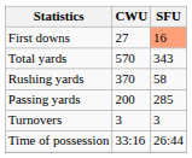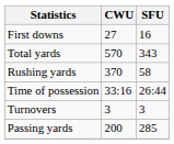 <table class="wikitable" style="float: left;">
 <tr>
 <th>Statistics</th>
 <th>CWU</th>
 <th>SFU</th>
 </tr>
 <tr>
 <td>First downs</td>
 <td>27</td>
-<td style="background: lightsalmon;">16</td>
+<td>16</td>
 </tr>
 <tr>
 <td>Total yards</td>
 <td>570</td>
 <td>343</td>
 </tr>
 <tr>
 <td>Rushing yards</td>
 <td>370</td>
 <td>58</td>
 </tr>
 <tr>
-<td>Passing yards</td>
-<td>200</td>
-<td>285</td>
+<td>Time of possession</td>
+<td>33:16</td>
+<td>26:44</td>
 </tr>
 <tr>
 <td>Turnovers</td>
 <td>3</td>
 <td>3</td>
 </tr>
 <tr>
-<td>Time of possession</td>
-<td>33:16</td>
-<td>26:44</td>
+<td>Passing yards</td>
+<td>200</td>
+<td>285</td>
 </tr>
 <tr>
 </tr>
 </table>
